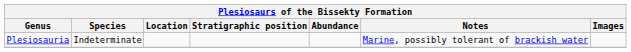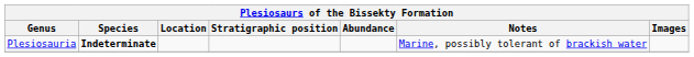 <table class="wikitable" align="center">
 <tr>
 <th colspan="7" align="center"><strong><a href='#'>Plesiosaurs</a> of the Bissekty Formation</strong></th>
 </tr>
 <tr>
 <th>Genus</th>
 <th>Species</th>
 <th>Location</th>
 <th>Stratigraphic position</th>
 <th>Abundance</th>
 <th>Notes</th>
 <th>Images</th>
 </tr>
 <tr>
 <td><a href='#'>Plesiosauria</a></td>
-<td>Indeterminate</td>
+<td><strong>Indeterminate</strong></td>
 <td></td>
 <td></td>
 <td></td>
 <td><a href='#'>Marine</a>, possibly tolerant of <a href='#'>brackish water</a></td>
 <td></td>
 </tr>
 <tr>
 </tr>
 </table>
